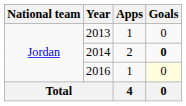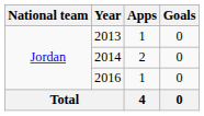 <table class="wikitable" style="text-align:center">
 <tr>
 <th>National team</th>
 <th>Year</th>
 <th>Apps</th>
 <th>Goals</th>
 </tr>
 <tr>
 <td rowspan="3"><a href='#'>Jordan</a></td>
 <td>2013</td>
 <td>1</td>
 <td>0</td>
 </tr>
 <tr>
 <td>2014</td>
 <td>2</td>
-<td><strong>0</strong></td>
+<td>0</td>
 </tr>
 <tr>
 <td>2016</td>
 <td>1</td>
-<td style="background: lightyellow;">0</td>
+<td>0</td>
 </tr>
 <tr>
 <th colspan="2">Total</th>
 <th>4</th>
 <th>0</th>
 </tr>
 </table>
